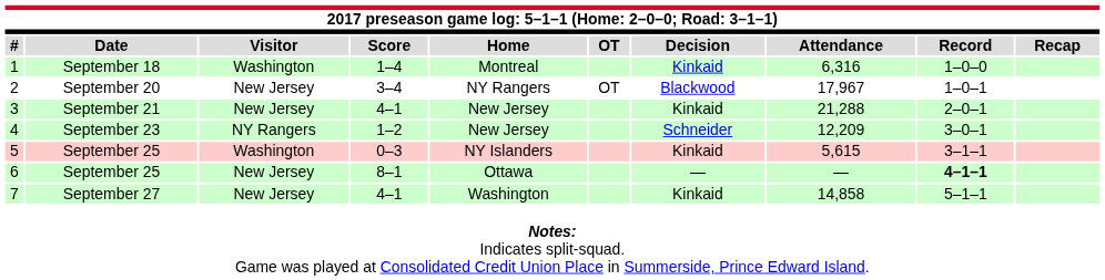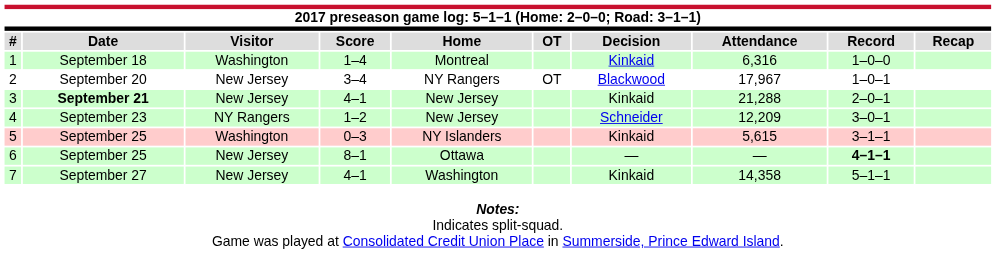 <table class="toccolours collapsible collapsed" style="width:90%; clear:both; margin:1.5em auto; text-align:center;">
 <tr>
 <th colspan=10 style="background:#FFFFFF; border-top:#C8102E 5px solid; border-bottom:#010101 5px solid;">2017 preseason game log: 5–1–1 (Home: 2–0–0; Road: 3–1–1)</th>
 </tr>
 <tr style="background:#ddd;">
 <th>#</th>
 <th>Date</th>
 <th>Visitor</th>
 <th>Score</th>
 <th>Home</th>
 <th>OT</th>
 <th>Decision</th>
 <th>Attendance</th>
 <th>Record</th>
 <th>Recap</th>
 </tr>
 <tr style="background:#cfc;">
 <td>1</td>
 <td>September 18</td>
 <td>Washington</td>
 <td>1–4</td>
 <td>Montreal</td>
 <td></td>
 <td><a href='#'>Kinkaid</a></td>
 <td>6,316</td>
 <td>1–0–0</td>
 <td></td>
 </tr>
 <tr style="background:#fff;">
 <td>2</td>
 <td>September 20</td>
 <td>New Jersey</td>
 <td>3–4</td>
 <td>NY Rangers</td>
 <td>OT</td>
 <td><a href='#'>Blackwood</a></td>
 <td>17,967</td>
 <td>1–0–1</td>
 <td></td>
 </tr>
 <tr style="background:#cfc;">
 <td>3</td>
-<td>September 21</td>
+<td><strong>September 21</strong></td>
 <td>New Jersey</td>
 <td>4–1</td>
 <td>New Jersey</td>
 <td></td>
 <td>Kinkaid</td>
 <td>21,288</td>
 <td>2–0–1</td>
 <td></td>
 </tr>
 <tr style="background:#cfc;">
 <td>4</td>
 <td>September 23</td>
 <td>NY Rangers</td>
 <td>1–2</td>
 <td>New Jersey</td>
 <td></td>
 <td><a href='#'>Schneider</a></td>
 <td>12,209</td>
 <td>3–0–1</td>
 <td></td>
 </tr>
 <tr style="background:#fcc;">
 <td>5</td>
 <td>September 25</td>
 <td>Washington</td>
 <td>0–3</td>
 <td>NY Islanders</td>
 <td></td>
 <td>Kinkaid</td>
 <td>5,615</td>
 <td>3–1–1</td>
 <td></td>
 </tr>
 <tr style="background:#cfc;">
 <td>6</td>
 <td>September 25</td>
 <td>New Jersey</td>
 <td>8–1</td>
 <td>Ottawa</td>
 <td></td>
 <td>—</td>
 <td>—</td>
 <td><strong>4–1–1</strong></td>
 <td></td>
 </tr>
 <tr style="background:#cfc;">
 <td>7</td>
 <td>September 27</td>
 <td>New Jersey</td>
 <td>4–1</td>
 <td>Washington</td>
 <td></td>
 <td>Kinkaid</td>
-<td>14,858</td>
+<td>14,358</td>
 <td>5–1–1</td>
 <td></td>
 </tr>
 <tr>
 <td colspan="10" style="text-align:center;"><br><strong><em>Notes:</em></strong><br>  Indicates split-squad.<br>  Game was played at <a href='#'>Consolidated Credit Union Place</a> in <a href='#'>Summerside, Prince Edward Island</a>.</td>
 </tr>
 </table>
